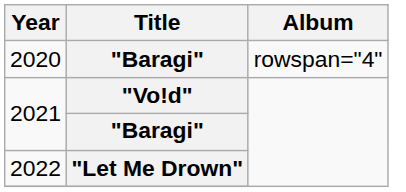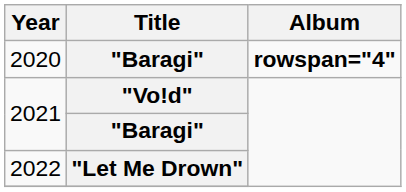 <table class="wikitable plainrowheaders" style="text-align:center;">
 <tr>
 <th scope="col">Year</th>
 <th scope="col">Title</th>
 <th scope="col">Album</th>
 </tr>
 <tr>
 <td>2020</td>
 <th scope="row">"Baragi"</th>
-<td>rowspan="4" </td>
+<td><strong>rowspan="4" </strong></td>
 </tr>
 <tr>
 <td rowspan="2">2021</td>
 <th scope="row">"Vo!d"</th>
 </tr>
 <tr>
 <th scope="row">"Baragi" </th>
 </tr>
 <tr>
 <td>2022</td>
 <th scope="row">"Let Me Drown"</th>
 </tr>
 <tr>
 </tr>
 </table>
